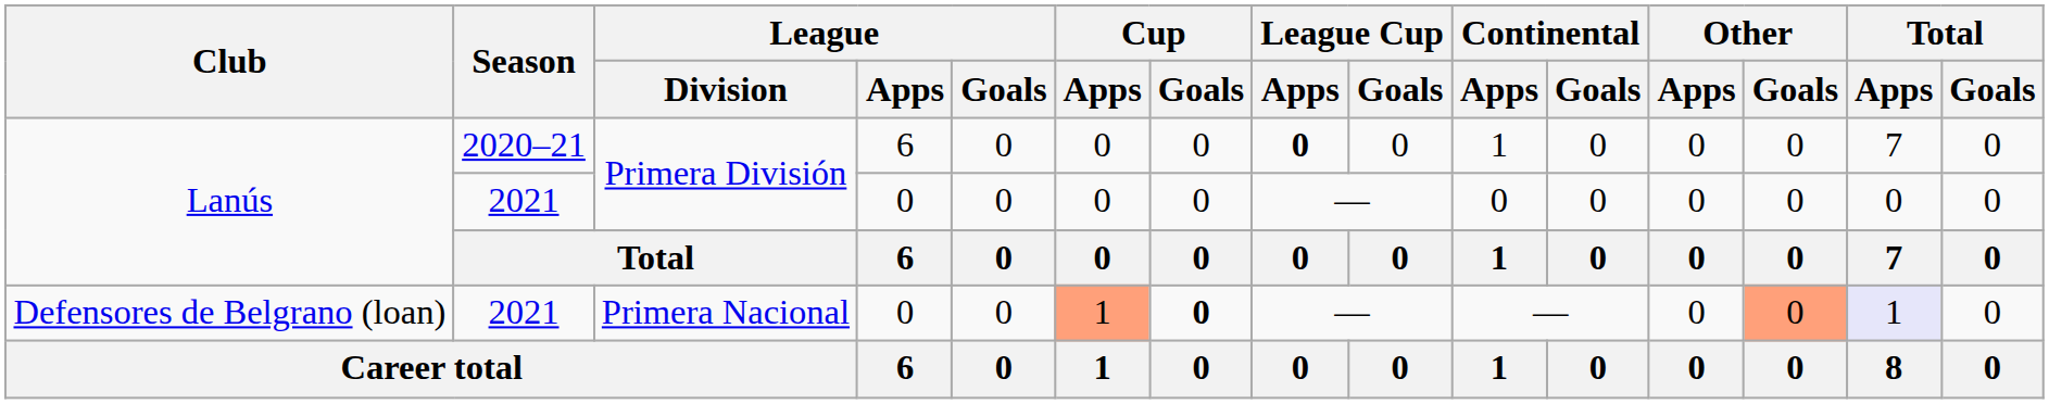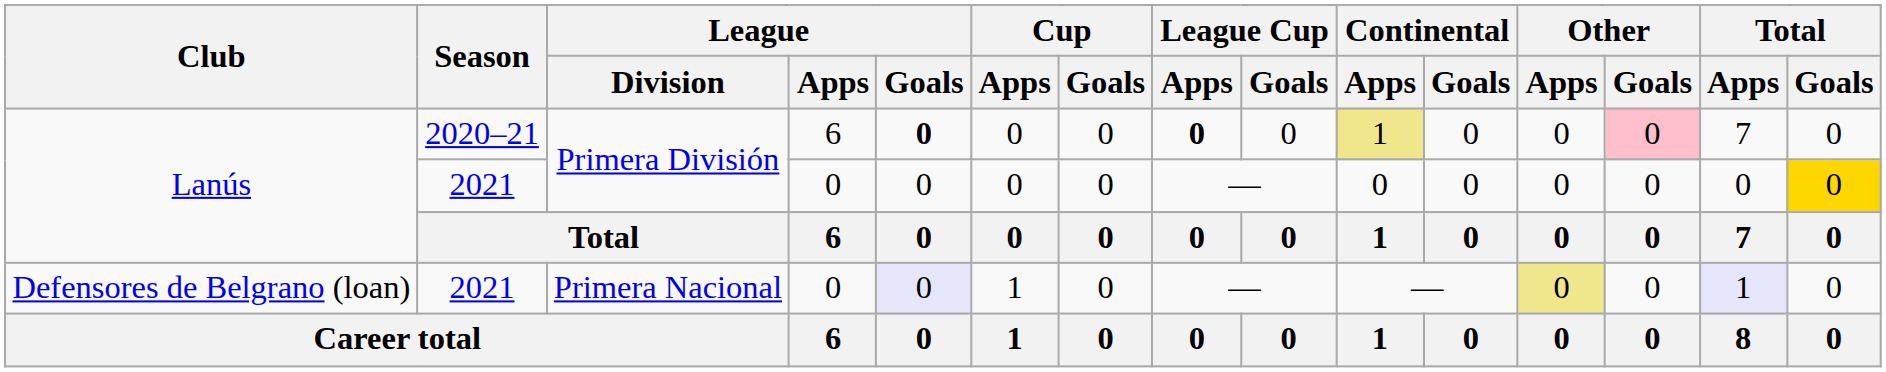 <table class="wikitable" style="text-align:center">
 <tr>
 <th rowspan="2">Club</th>
 <th rowspan="2">Season</th>
 <th colspan="3">League</th>
 <th colspan="2">Cup</th>
 <th colspan="2">League Cup</th>
 <th colspan="2">Continental</th>
 <th colspan="2">Other</th>
 <th colspan="2">Total</th>
 </tr>
 <tr>
 <th>Division</th>
 <th>Apps</th>
 <th>Goals</th>
 <th>Apps</th>
 <th>Goals</th>
 <th>Apps</th>
 <th>Goals</th>
 <th>Apps</th>
 <th>Goals</th>
 <th>Apps</th>
 <th>Goals</th>
 <th>Apps</th>
 <th>Goals</th>
 </tr>
 <tr>
 <td rowspan="3"><a href='#'>Lanús</a></td>
 <td><a href='#'>2020–21</a></td>
 <td rowspan="2"><a href='#'>Primera División</a></td>
 <td>6</td>
-<td>0</td>
+<td><strong>0</strong></td>
 <td>0</td>
 <td>0</td>
 <td><strong>0</strong></td>
 <td>0</td>
-<td>1</td>
+<td style="background: khaki;">1</td>
 <td>0</td>
 <td>0</td>
-<td>0</td>
+<td style="background: pink;">0</td>
 <td>7</td>
 <td>0</td>
 </tr>
 <tr>
 <td><a href='#'>2021</a></td>
 <td>0</td>
 <td>0</td>
 <td>0</td>
 <td>0</td>
 <td colspan="2">—</td>
 <td>0</td>
 <td>0</td>
 <td>0</td>
 <td>0</td>
 <td>0</td>
-<td>0</td>
+<td style="background: gold;">0</td>
 </tr>
 <tr>
 <th colspan="2">Total</th>
 <th>6</th>
 <th>0</th>
 <th>0</th>
 <th>0</th>
 <th>0</th>
 <th>0</th>
 <th>1</th>
 <th>0</th>
 <th>0</th>
 <th>0</th>
 <th>7</th>
 <th>0</th>
 </tr>
 <tr>
 <td rowspan="1"><a href='#'>Defensores de Belgrano</a> (loan)</td>
 <td><a href='#'>2021</a></td>
 <td rowspan="1"><a href='#'>Primera Nacional</a></td>
 <td>0</td>
+<td style="background: lavender;">0</td>
+<td>1</td>
 <td>0</td>
-<td style="background: lightsalmon;">1</td>
-<td><strong>0</strong></td>
 <td colspan="2">—</td>
 <td colspan="2">—</td>
+<td style="background: khaki;">0</td>
 <td>0</td>
-<td style="background: lightsalmon;">0</td>
 <td style="background: lavender;">1</td>
 <td>0</td>
 </tr>
 <tr>
 <th colspan="3">Career total</th>
 <th>6</th>
 <th>0</th>
 <th>1</th>
 <th>0</th>
 <th>0</th>
 <th>0</th>
 <th>1</th>
 <th>0</th>
 <th>0</th>
 <th>0</th>
 <th>8</th>
 <th>0</th>
 </tr>
 </table>
